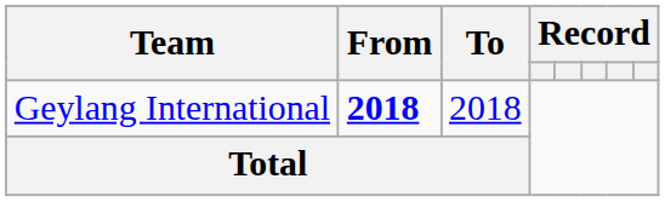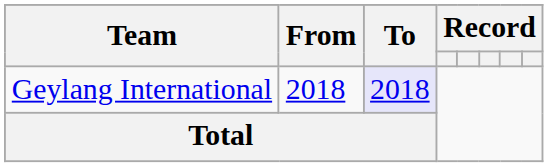 <table class=wikitable style="text-align:center">
 <tr>
 <th rowspan=2>Team</th>
 <th rowspan=2>From</th>
 <th rowspan=2>To</th>
 <th colspan=5>Record</th>
 </tr>
 <tr>
 <th></th>
 <th></th>
 <th></th>
 <th></th>
 <th></th>
 </tr>
 <tr>
 <td align=left><a href='#'>Geylang International</a></td>
-<td align=left><strong><a href='#'>2018</a></strong></td>
-<td align=left><a href='#'>2018</a><br></td>
+<td align=left><a href='#'>2018</a></td>
+<td align=left style="background: lavender;"><a href='#'>2018</a><br></td>
 </tr>
 <tr>
 <th colspan=3>Total<br></th>
 </tr>
 </table>
